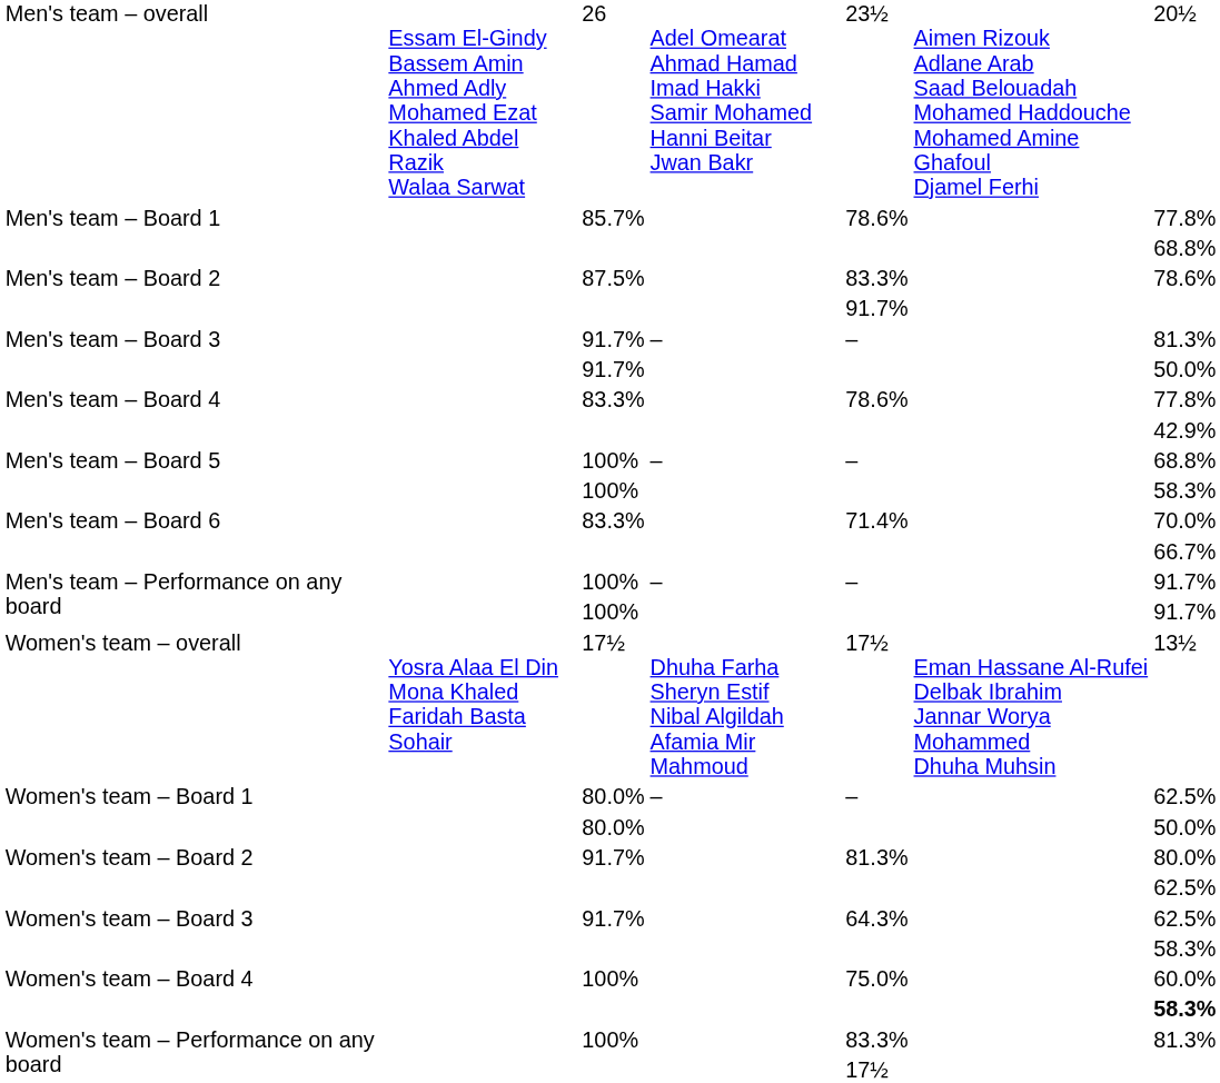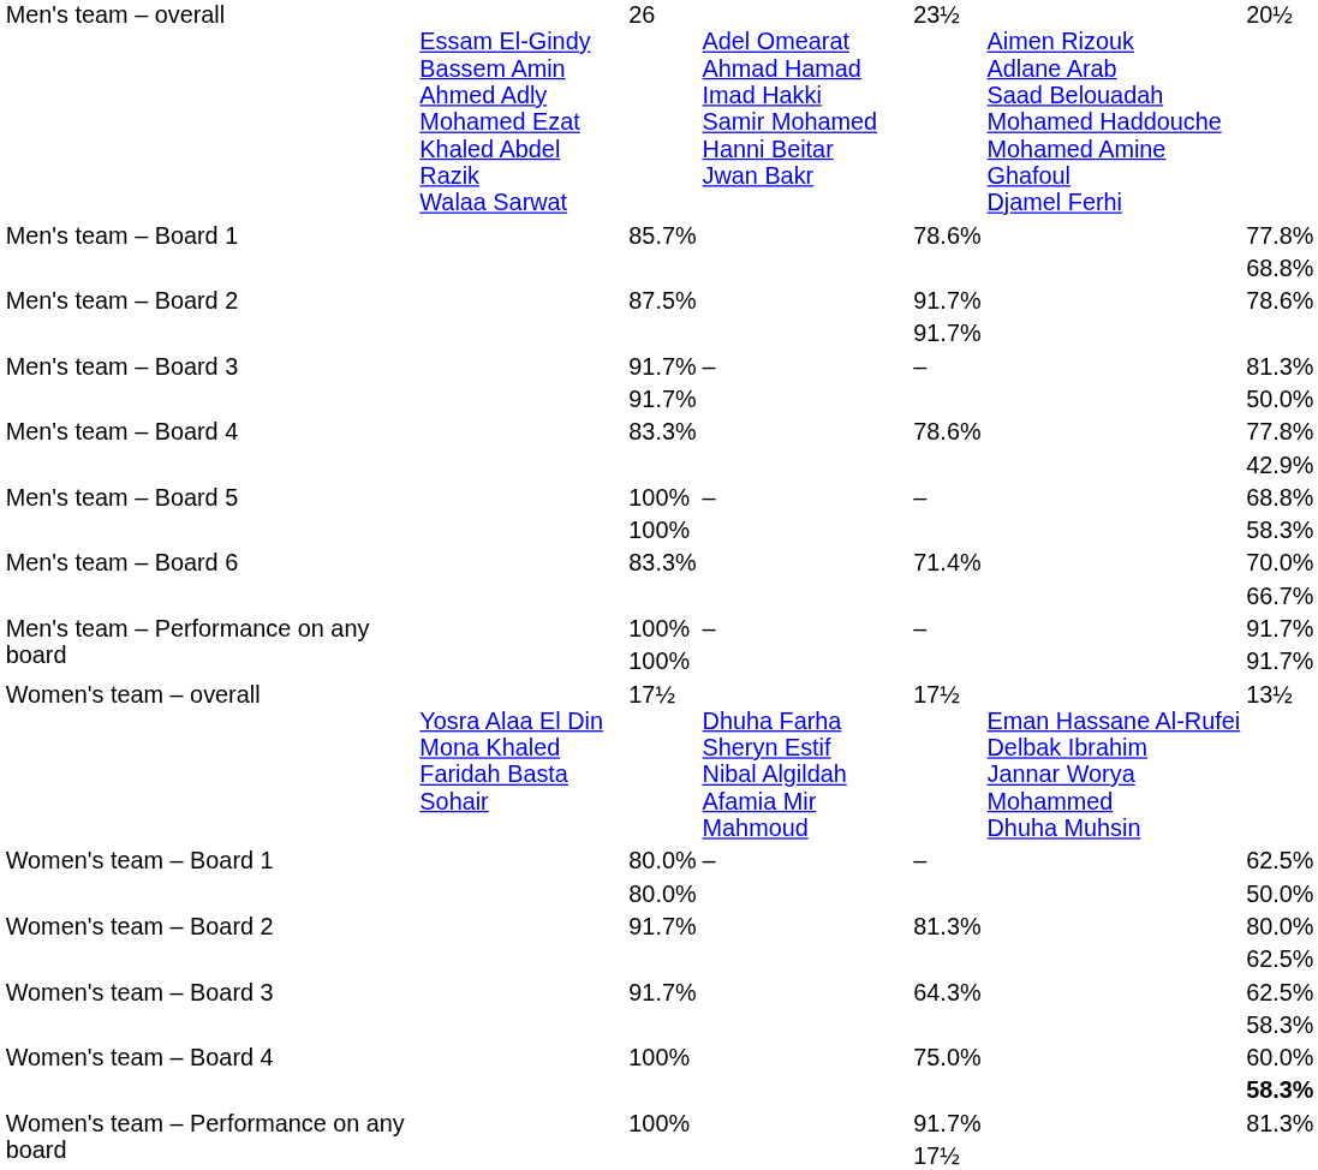 <table>
 <tr valign="top">
 <td>Men's team – overall</td>
 <td><br><a href='#'>Essam El-Gindy</a><br><a href='#'>Bassem Amin</a><br><a href='#'>Ahmed Adly</a><br><a href='#'>Mohamed Ezat</a><br><a href='#'>Khaled Abdel Razik</a><br><a href='#'>Walaa Sarwat</a></td>
 <td>26</td>
 <td><br><a href='#'>Adel Omearat</a><br><a href='#'>Ahmad Hamad</a><br><a href='#'>Imad Hakki</a><br><a href='#'>Samir Mohamed</a><br><a href='#'>Hanni Beitar</a><br><a href='#'>Jwan Bakr</a></td>
 <td>23½</td>
 <td><br><a href='#'>Aimen Rizouk</a><br><a href='#'>Adlane Arab</a><br><a href='#'>Saad Belouadah</a><br><a href='#'>Mohamed Haddouche</a><br><a href='#'>Mohamed Amine Ghafoul</a><br><a href='#'>Djamel Ferhi</a></td>
 <td>20½</td>
 </tr>
 <tr valign="top">
 <td rowspan=2>Men's team – Board 1</td>
 <td rowspan=2></td>
 <td rowspan=2>85.7%</td>
 <td rowspan=2></td>
 <td rowspan=2>78.6%</td>
 <td></td>
 <td>77.8%</td>
 </tr>
 <tr>
 <td></td>
 <td>68.8%</td>
 </tr>
 <tr valign="top">
 <td rowspan=2>Men's team – Board 2</td>
 <td rowspan=2></td>
 <td rowspan=2>87.5%</td>
 <td></td>
-<td>83.3%</td>
+<td>91.7%</td>
 <td rowspan=2></td>
 <td rowspan=2>78.6%</td>
 </tr>
 <tr>
 <td></td>
 <td>91.7%</td>
 </tr>
 <tr valign="top">
 <td rowspan=2>Men's team – Board 3</td>
 <td></td>
 <td>91.7%</td>
 <td rowspan=2>–</td>
 <td rowspan=2>–</td>
 <td></td>
 <td>81.3%</td>
 </tr>
 <tr>
 <td></td>
 <td>91.7%</td>
 <td></td>
 <td>50.0%</td>
 </tr>
 <tr valign="top">
 <td rowspan=2>Men's team – Board 4</td>
 <td rowspan=2></td>
 <td rowspan=2>83.3%</td>
 <td rowspan=2></td>
 <td rowspan=2>78.6%</td>
 <td></td>
 <td>77.8%</td>
 </tr>
 <tr>
 <td></td>
 <td>42.9%</td>
 </tr>
 <tr valign="top">
 <td rowspan=2>Men's team – Board 5</td>
 <td></td>
 <td>100%</td>
 <td rowspan=2>–</td>
 <td rowspan=2>–</td>
 <td></td>
 <td>68.8%</td>
 </tr>
 <tr>
 <td></td>
 <td>100%</td>
 <td></td>
 <td>58.3%</td>
 </tr>
 <tr valign="top">
 <td rowspan=2>Men's team – Board 6</td>
 <td rowspan=2></td>
 <td rowspan=2>83.3%</td>
 <td rowspan=2></td>
 <td rowspan=2>71.4%</td>
 <td></td>
 <td>70.0%</td>
 </tr>
 <tr>
 <td></td>
 <td>66.7%</td>
 </tr>
 <tr valign="top">
 <td rowspan=2>Men's team – Performance on any board</td>
 <td></td>
 <td>100%</td>
 <td rowspan=2>–</td>
 <td rowspan=2>–</td>
 <td></td>
 <td>91.7%</td>
 </tr>
 <tr>
 <td></td>
 <td>100%</td>
 <td></td>
 <td>91.7%</td>
 </tr>
 <tr valign="top">
 <td>Women's team – overall</td>
 <td><br><a href='#'>Yosra Alaa El Din</a><br><a href='#'>Mona Khaled</a><br><a href='#'>Faridah Basta Sohair</a></td>
 <td>17½</td>
 <td><br><a href='#'>Dhuha Farha</a><br><a href='#'>Sheryn Estif</a><br><a href='#'>Nibal Algildah</a><br><a href='#'>Afamia Mir Mahmoud</a></td>
 <td>17½</td>
 <td><br><a href='#'>Eman Hassane Al-Rufei</a><br><a href='#'>Delbak Ibrahim</a><br><a href='#'>Jannar Worya Mohammed</a><br><a href='#'>Dhuha Muhsin</a></td>
 <td>13½</td>
 </tr>
 <tr valign="top">
 <td rowspan=2>Women's team – Board 1</td>
 <td></td>
 <td>80.0%</td>
 <td rowspan=2>–</td>
 <td rowspan=2>–</td>
 <td></td>
 <td>62.5%</td>
 </tr>
 <tr>
 <td></td>
 <td>80.0%</td>
 <td></td>
 <td>50.0%</td>
 </tr>
 <tr valign="top">
 <td rowspan=2>Women's team – Board 2</td>
 <td rowspan=2></td>
 <td rowspan=2>91.7%</td>
 <td rowspan=2></td>
 <td rowspan=2>81.3%</td>
 <td></td>
 <td>80.0%</td>
 </tr>
 <tr>
 <td></td>
 <td>62.5%</td>
 </tr>
 <tr valign="top">
 <td rowspan=2>Women's team – Board 3</td>
 <td rowspan=2></td>
 <td rowspan=2>91.7%</td>
 <td rowspan=2></td>
 <td rowspan=2>64.3%</td>
 <td></td>
 <td>62.5%</td>
 </tr>
 <tr>
 <td></td>
 <td>58.3%</td>
 </tr>
 <tr valign="top">
 <td rowspan=2>Women's team – Board 4</td>
 <td rowspan=2></td>
 <td rowspan=2>100%</td>
 <td rowspan=2></td>
 <td rowspan=2>75.0%</td>
 <td></td>
 <td>60.0%</td>
 </tr>
 <tr>
 <td></td>
 <td><strong>58.3%</strong></td>
 </tr>
 <tr valign="top">
 <td rowspan=2>Women's team – Performance on any board</td>
 <td rowspan=2></td>
 <td rowspan=2>100%</td>
 <td></td>
-<td>83.3%</td>
+<td>91.7%</td>
 <td rowspan=2></td>
 <td rowspan=2>81.3%</td>
 </tr>
 <tr>
 <td></td>
 <td>17½</td>
 </tr>
 </table>
